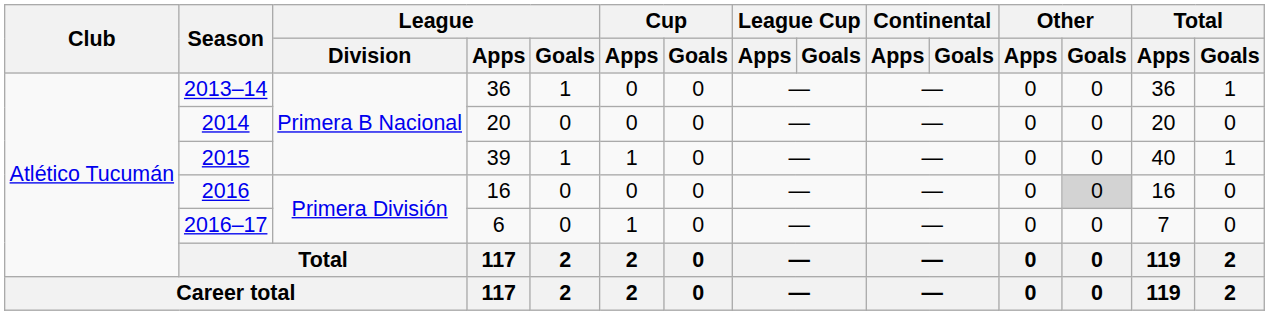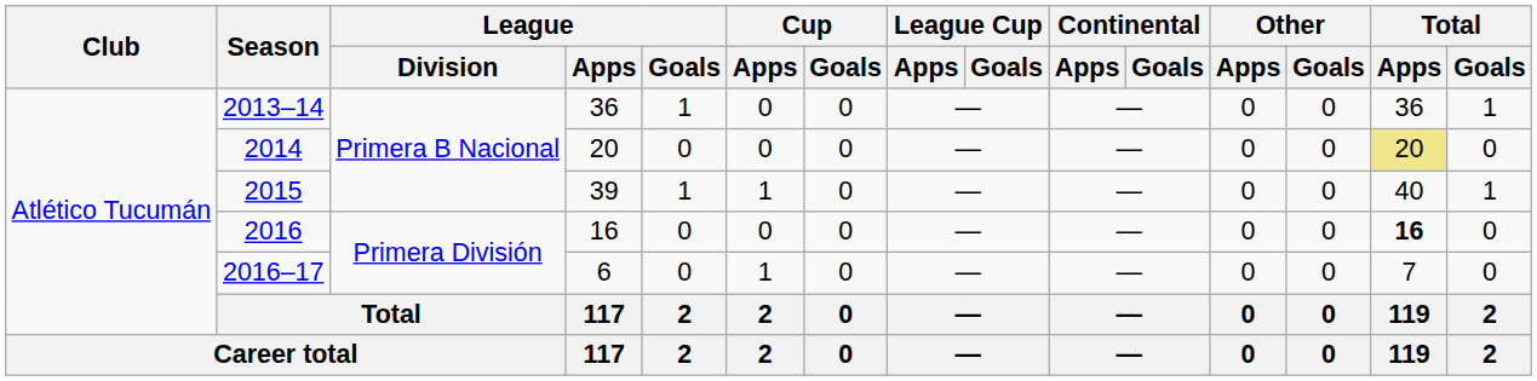 <table class="wikitable" style="text-align:center">
 <tr>
 <th rowspan="2">Club</th>
 <th rowspan="2">Season</th>
 <th colspan="3">League</th>
 <th colspan="2">Cup</th>
 <th colspan="2">League Cup</th>
 <th colspan="2">Continental</th>
 <th colspan="2">Other</th>
 <th colspan="2">Total</th>
 </tr>
 <tr>
 <th>Division</th>
 <th>Apps</th>
 <th>Goals</th>
 <th>Apps</th>
 <th>Goals</th>
 <th>Apps</th>
 <th>Goals</th>
 <th>Apps</th>
 <th>Goals</th>
 <th>Apps</th>
 <th>Goals</th>
 <th>Apps</th>
 <th>Goals</th>
 </tr>
 <tr>
 <td rowspan="6"><a href='#'>Atlético Tucumán</a></td>
 <td><a href='#'>2013–14</a></td>
 <td rowspan="3"><a href='#'>Primera B Nacional</a></td>
 <td>36</td>
 <td>1</td>
 <td>0</td>
 <td>0</td>
 <td colspan="2">—</td>
 <td colspan="2">—</td>
 <td>0</td>
 <td>0</td>
 <td>36</td>
 <td>1</td>
 </tr>
 <tr>
 <td><a href='#'>2014</a></td>
 <td>20</td>
 <td>0</td>
 <td>0</td>
 <td>0</td>
 <td colspan="2">—</td>
 <td colspan="2">—</td>
 <td>0</td>
 <td>0</td>
-<td>20</td>
+<td style="background: khaki;">20</td>
 <td>0</td>
 </tr>
 <tr>
 <td><a href='#'>2015</a></td>
 <td>39</td>
 <td>1</td>
 <td>1</td>
 <td>0</td>
 <td colspan="2">—</td>
 <td colspan="2">—</td>
 <td>0</td>
 <td>0</td>
 <td>40</td>
 <td>1</td>
 </tr>
 <tr>
 <td><a href='#'>2016</a></td>
 <td rowspan="2"><a href='#'>Primera División</a></td>
 <td>16</td>
 <td>0</td>
 <td>0</td>
 <td>0</td>
 <td colspan="2">—</td>
 <td colspan="2">—</td>
 <td>0</td>
-<td style="background: lightgrey;">0</td>
-<td>16</td>
+<td>0</td>
+<td><strong>16</strong></td>
 <td>0</td>
 </tr>
 <tr>
 <td><a href='#'>2016–17</a></td>
 <td>6</td>
 <td>0</td>
 <td>1</td>
 <td>0</td>
 <td colspan="2">—</td>
 <td colspan="2">—</td>
 <td>0</td>
 <td>0</td>
 <td>7</td>
 <td>0</td>
 </tr>
 <tr>
 <th colspan="2">Total</th>
 <th>117</th>
 <th>2</th>
 <th>2</th>
 <th>0</th>
 <th colspan="2">—</th>
 <th colspan="2">—</th>
 <th>0</th>
 <th>0</th>
 <th>119</th>
 <th>2</th>
 </tr>
 <tr>
 <th colspan="3">Career total</th>
 <th>117</th>
 <th>2</th>
 <th>2</th>
 <th>0</th>
 <th colspan="2">—</th>
 <th colspan="2">—</th>
 <th>0</th>
 <th>0</th>
 <th>119</th>
 <th>2</th>
 </tr>
 </table>
